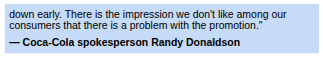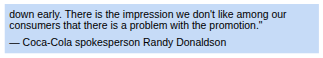 <table class="toccolours" style="float: right; margin-left: 1em; margin-right: 2em; font-size: 85%; background:#c6dbf7; color:black; width:30em; max-width: 40%;" cellspacing="5">
 <tr>
 <td style="text-align: left;"> down early. There is the impression we don't like among our consumers that there is a problem with the promotion."</td>
 </tr>
 <tr>
-<td style="text-align: left;"><strong>— Coca-Cola spokesperson Randy Donaldson</strong></td>
+<td style="text-align: left;">— Coca-Cola spokesperson Randy Donaldson</td>
 </tr>
 </table>
